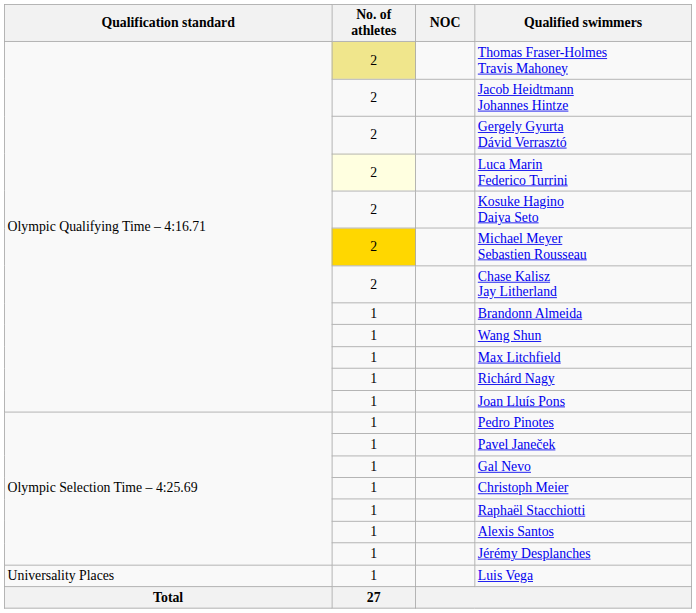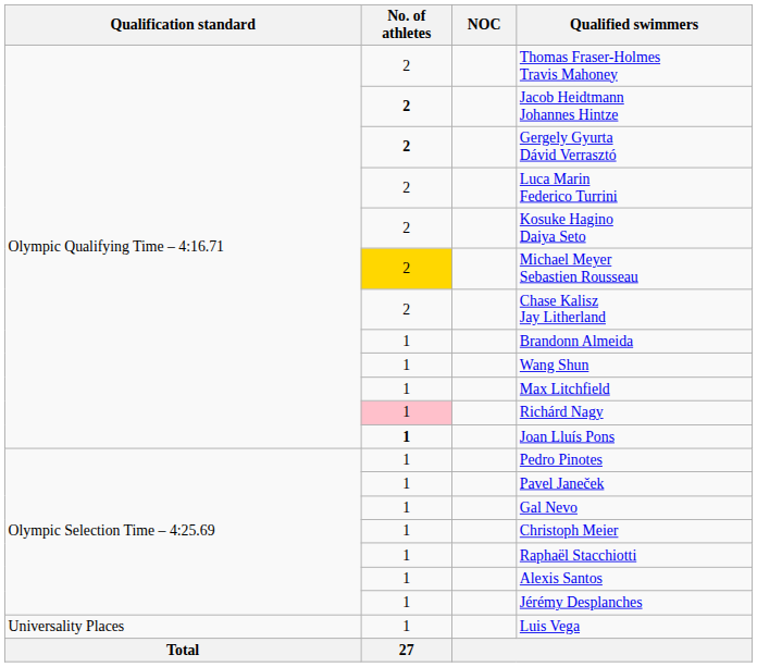 <table class=wikitable style="text-align:left" width=800>
 <tr>
 <th>Qualification standard</th>
 <th width=90>No. of athletes</th>
 <th>NOC</th>
 <th>Qualified swimmers</th>
 </tr>
 <tr>
 <td rowspan=12>Olympic Qualifying Time – 4:16.71</td>
-<td align=center style="background: khaki;">2</td>
+<td align=center>2</td>
 <td></td>
 <td><a href='#'>Thomas Fraser-Holmes</a><br><a href='#'>Travis Mahoney</a></td>
 </tr>
 <tr>
-<td align=center>2</td>
+<td align=center><strong>2</strong></td>
 <td></td>
 <td><a href='#'>Jacob Heidtmann</a><br><a href='#'>Johannes Hintze</a></td>
 </tr>
 <tr>
-<td align=center>2</td>
+<td align=center><strong>2</strong></td>
 <td></td>
 <td><a href='#'>Gergely Gyurta</a><br><a href='#'>Dávid Verrasztó</a></td>
 </tr>
 <tr>
-<td align=center style="background: lightyellow;">2</td>
+<td align=center>2</td>
 <td></td>
 <td><a href='#'>Luca Marin</a><br><a href='#'>Federico Turrini</a></td>
 </tr>
 <tr>
 <td align=center>2</td>
 <td></td>
 <td><a href='#'>Kosuke Hagino</a><br><a href='#'>Daiya Seto</a></td>
 </tr>
 <tr>
 <td align=center style="background: gold;">2</td>
 <td></td>
 <td><a href='#'>Michael Meyer</a><br><a href='#'>Sebastien Rousseau</a></td>
 </tr>
 <tr>
 <td align=center>2</td>
 <td></td>
 <td><a href='#'>Chase Kalisz</a><br><a href='#'>Jay Litherland</a></td>
 </tr>
 <tr>
 <td align=center>1</td>
 <td></td>
 <td><a href='#'>Brandonn Almeida</a></td>
 </tr>
 <tr>
 <td align=center>1</td>
 <td></td>
 <td><a href='#'>Wang Shun</a></td>
 </tr>
 <tr>
 <td align=center>1</td>
 <td></td>
 <td><a href='#'>Max Litchfield</a></td>
 </tr>
 <tr>
-<td align=center>1</td>
+<td align=center style="background: pink;">1</td>
 <td></td>
 <td><a href='#'>Richárd Nagy</a></td>
 </tr>
 <tr>
-<td align=center>1</td>
+<td align=center><strong>1</strong></td>
 <td></td>
 <td><a href='#'>Joan Lluís Pons</a></td>
 </tr>
 <tr>
 <td rowspan=7>Olympic Selection Time – 4:25.69</td>
 <td align=center>1</td>
 <td></td>
 <td><a href='#'>Pedro Pinotes</a></td>
 </tr>
 <tr>
 <td align=center>1</td>
 <td></td>
 <td><a href='#'>Pavel Janeček</a></td>
 </tr>
 <tr>
 <td align=center>1</td>
 <td></td>
 <td><a href='#'>Gal Nevo</a></td>
 </tr>
 <tr>
 <td align=center>1</td>
 <td></td>
 <td><a href='#'>Christoph Meier</a></td>
 </tr>
 <tr>
 <td align=center>1</td>
 <td></td>
 <td><a href='#'>Raphaël Stacchiotti</a></td>
 </tr>
 <tr>
 <td align=center>1</td>
 <td></td>
 <td><a href='#'>Alexis Santos</a></td>
 </tr>
 <tr>
 <td align=center>1</td>
 <td></td>
 <td><a href='#'>Jérémy Desplanches</a></td>
 </tr>
 <tr>
 <td>Universality Places</td>
 <td align=center>1</td>
 <td></td>
 <td><a href='#'>Luis Vega</a></td>
 </tr>
 <tr>
 <th><strong>Total</strong></th>
 <th>27</th>
 <th colspan=2></th>
 </tr>
 </table>
